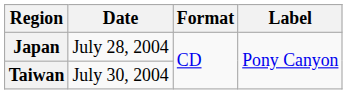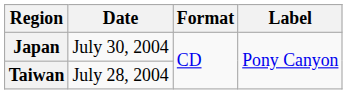 <table class="wikitable plainrowheaders">
 <tr>
 <th scope="col">Region</th>
 <th scope="col">Date</th>
 <th scope="col">Format</th>
 <th scope="col">Label</th>
 </tr>
 <tr>
 <th scope="row">Japan</th>
-<td>July 28, 2004</td>
+<td>July 30, 2004</td>
 <td rowspan="2"><a href='#'>CD</a></td>
 <td rowspan="2"><a href='#'>Pony Canyon</a></td>
 </tr>
 <tr>
 <th scope="row">Taiwan</th>
-<td>July 30, 2004</td>
+<td>July 28, 2004</td>
 </tr>
 </table>
